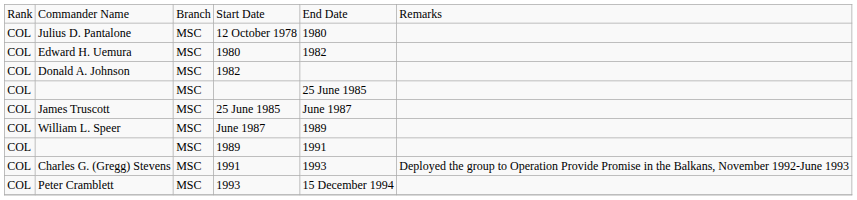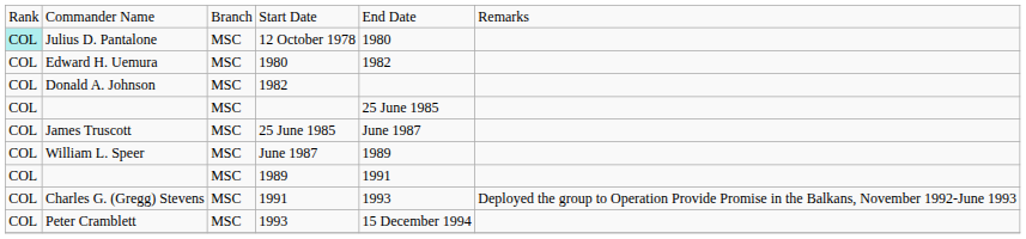 <table class="wikitable">
 <tr>
 <td>Rank</td>
 <td>Commander Name</td>
 <td>Branch</td>
 <td>Start Date</td>
 <td>End Date</td>
 <td>Remarks</td>
 </tr>
 <tr>
-<td>COL</td>
+<td style="background: paleturquoise;">COL</td>
 <td>Julius D. Pantalone</td>
 <td>MSC</td>
 <td>12 October 1978</td>
 <td>1980</td>
 <td></td>
 </tr>
 <tr>
 <td>COL</td>
 <td>Edward H. Uemura</td>
 <td>MSC</td>
 <td>1980</td>
 <td>1982</td>
 <td></td>
 </tr>
 <tr>
 <td>COL</td>
 <td>Donald A. Johnson</td>
 <td>MSC</td>
 <td>1982</td>
 <td></td>
 <td></td>
 </tr>
 <tr>
 <td>COL</td>
 <td></td>
 <td>MSC</td>
 <td></td>
 <td>25 June 1985</td>
 <td></td>
 </tr>
 <tr>
 <td>COL</td>
 <td>James Truscott</td>
 <td>MSC</td>
 <td>25 June 1985</td>
 <td>June 1987</td>
 <td></td>
 </tr>
 <tr>
 <td>COL</td>
 <td>William L. Speer</td>
 <td>MSC</td>
 <td>June 1987</td>
 <td>1989</td>
 <td></td>
 </tr>
 <tr>
 <td>COL</td>
 <td></td>
 <td>MSC</td>
 <td>1989</td>
 <td>1991</td>
 <td></td>
 </tr>
 <tr>
 <td>COL</td>
 <td>Charles G. (Gregg) Stevens</td>
 <td>MSC</td>
 <td>1991</td>
 <td>1993</td>
 <td>Deployed the group to Operation Provide Promise in the Balkans, November 1992-June 1993</td>
 </tr>
 <tr>
 <td>COL</td>
 <td>Peter Cramblett</td>
 <td>MSC</td>
 <td>1993</td>
 <td>15 December 1994</td>
 <td></td>
 </tr>
 <tr>
 </tr>
 </table>
